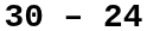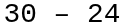 <table style="text-align:center">
 <tr>
 <th width=200></th>
 <th width=100></th>
 <th width=200></th>
 </tr>
 <tr>
 <td align=right><strong></strong></td>
-<td><strong>30 – 24</strong></td>
+<td>30 – 24</td>
 <td align=left></td>
 </tr>
 </table>
